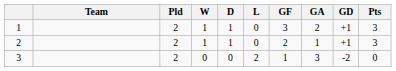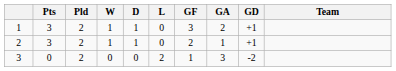 <table class="wikitable" style="text-align: center;">
 <tr>
 <th style="width: 40px;"></th>
-<th style="width: 200px;">Team</th>
+<th style="width: 45px;">Pts</th>
 <th style="width: 45px;">Pld</th>
 <th style="width: 35px;">W</th>
 <th style="width: 35px;">D</th>
 <th style="width: 35px;">L</th>
 <th style="width: 45px;">GF</th>
 <th style="width: 45px;">GA</th>
 <th style="width: 35px;">GD</th>
-<th style="width: 45px;">Pts</th>
+<th style="width: 200px;">Team</th>
 </tr>
 <tr>
 <td>1</td>
-<td style="text-align: left;"></td>
+<td>3</td>
 <td>2</td>
 <td>1</td>
 <td>1</td>
 <td>0</td>
 <td>3</td>
 <td>2</td>
 <td>+1</td>
-<td>3</td>
+<td style="text-align: left;"></td>
 </tr>
 <tr>
 <td>2</td>
-<td style="text-align: left;"></td>
+<td>3</td>
 <td>2</td>
 <td>1</td>
 <td>1</td>
 <td>0</td>
 <td>2</td>
 <td>1</td>
 <td>+1</td>
-<td>3</td>
+<td style="text-align: left;"></td>
 </tr>
 <tr>
 <td>3</td>
-<td style="text-align: left;"></td>
+<td>0</td>
 <td>2</td>
 <td>0</td>
 <td>0</td>
 <td>2</td>
 <td>1</td>
 <td>3</td>
 <td>-2</td>
-<td>0</td>
+<td style="text-align: left;"></td>
 </tr>
 </table>
